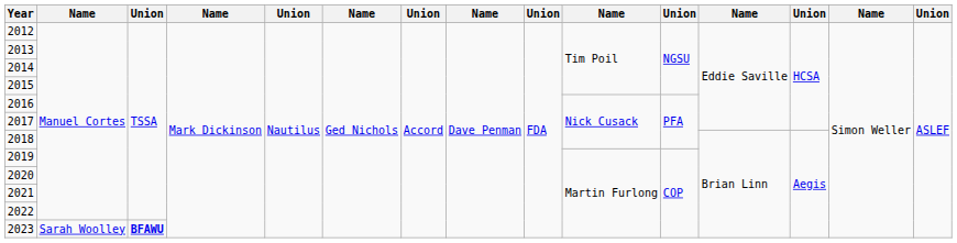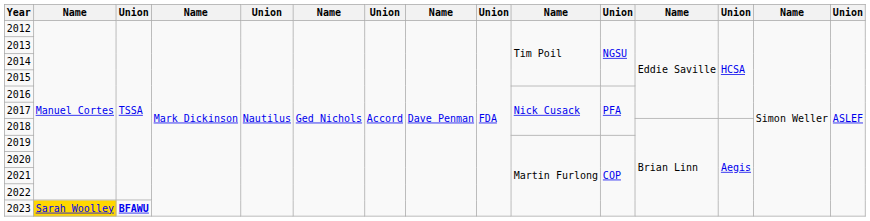 <table class="wikitable">
 <tr>
 <th>Year</th>
 <th>Name</th>
 <th>Union</th>
 <th>Name</th>
 <th>Union</th>
 <th>Name</th>
 <th>Union</th>
 <th>Name</th>
 <th>Union</th>
 <th>Name</th>
 <th>Union</th>
 <th>Name</th>
 <th>Union</th>
 <th>Name</th>
 <th>Union</th>
 </tr>
 <tr>
 <td>2012</td>
 <td rowspan=11><a href='#'>Manuel Cortes</a></td>
 <td rowspan=11><a href='#'>TSSA</a></td>
 <td rowspan=12><a href='#'>Mark Dickinson</a></td>
 <td rowspan=12><a href='#'>Nautilus</a></td>
 <td rowspan=12><a href='#'>Ged Nichols</a></td>
 <td rowspan=12><a href='#'>Accord</a></td>
 <td rowspan=12><a href='#'>Dave Penman</a></td>
 <td rowspan=12><a href='#'>FDA</a></td>
 <td rowspan=4>Tim Poil</td>
 <td rowspan=4><a href='#'>NGSU</a></td>
 <td rowspan=6>Eddie Saville</td>
 <td rowspan=6><a href='#'>HCSA</a></td>
 <td rowspan=12>Simon Weller</td>
 <td rowspan=12><a href='#'>ASLEF</a></td>
 </tr>
 <tr>
 <td>2013</td>
 </tr>
 <tr>
 <td>2014</td>
 </tr>
 <tr>
 <td>2015</td>
 </tr>
 <tr>
 <td>2016</td>
 <td rowspan=3><a href='#'>Nick Cusack</a></td>
 <td rowspan=3><a href='#'>PFA</a></td>
 </tr>
 <tr>
 <td>2017</td>
 </tr>
 <tr>
 <td>2018</td>
 <td rowspan=6>Brian Linn</td>
 <td rowspan=6><a href='#'>Aegis</a></td>
 </tr>
 <tr>
 <td>2019</td>
 <td rowspan=5>Martin Furlong</td>
 <td rowspan=5><a href='#'>COP</a></td>
 </tr>
 <tr>
 <td>2020</td>
 </tr>
 <tr>
 <td>2021</td>
 </tr>
 <tr>
 <td>2022</td>
 </tr>
 <tr>
 <td>2023</td>
-<td><a href='#'>Sarah Woolley</a></td>
+<td style="background: gold;"><a href='#'>Sarah Woolley</a></td>
 <td><strong><a href='#'>BFAWU</a></strong></td>
 </tr>
 </table>
